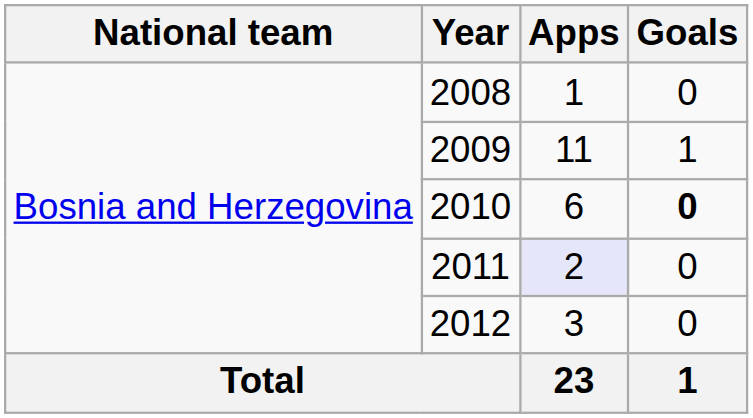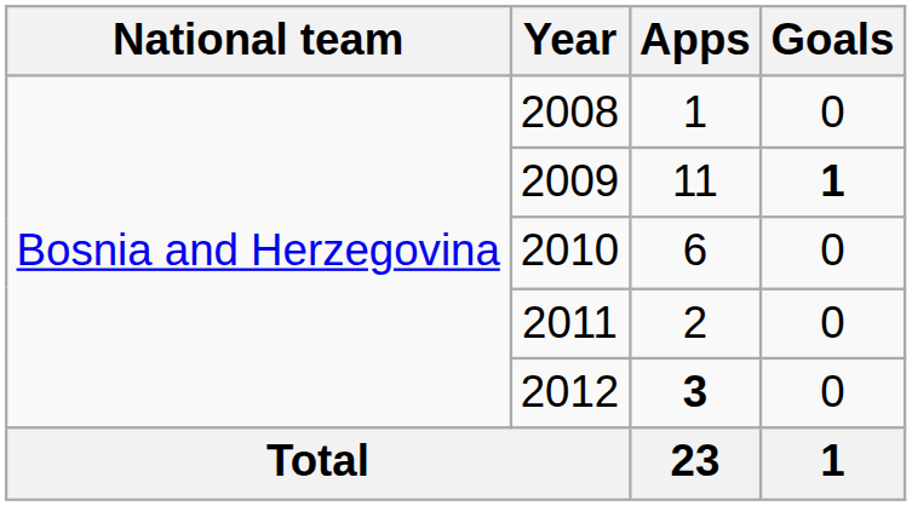 <table class="wikitable" style="text-align:center">
 <tr>
 <th>National team</th>
 <th>Year</th>
 <th>Apps</th>
 <th>Goals</th>
 </tr>
 <tr>
 <td rowspan=5><a href='#'>Bosnia and Herzegovina</a></td>
 <td>2008</td>
 <td>1</td>
 <td>0</td>
 </tr>
 <tr>
 <td>2009</td>
 <td>11</td>
-<td>1</td>
+<td><strong>1</strong></td>
 </tr>
 <tr>
 <td>2010</td>
 <td>6</td>
-<td><strong>0</strong></td>
+<td>0</td>
 </tr>
 <tr>
 <td>2011</td>
-<td style="background: lavender;">2</td>
+<td>2</td>
 <td>0</td>
 </tr>
 <tr>
 <td>2012</td>
-<td>3</td>
+<td><strong>3</strong></td>
 <td>0</td>
 </tr>
 <tr>
 <th colspan=2>Total</th>
 <th>23</th>
 <th>1</th>
 </tr>
 </table>
